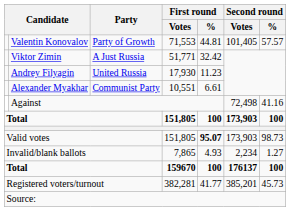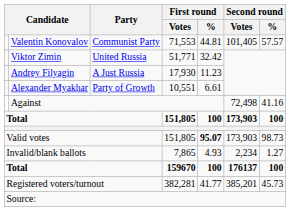 <table class=wikitable style=text-align:right>
 <tr>
 <th colspan=2 rowspan=2>Candidate</th>
 <th rowspan=2>Party</th>
 <th colspan=2>First round</th>
 <th colspan=2>Second round</th>
 </tr>
 <tr>
 <th>Votes</th>
 <th>%</th>
 <th>Votes</th>
 <th>%</th>
 </tr>
 <tr>
 <td style="background-color:"></td>
 <td align=left><a href='#'>Valentin Konovalov</a></td>
-<td align=left><a href='#'>Party of Growth</a></td>
+<td align=left><a href='#'>Communist Party</a></td>
 <td>71,553</td>
 <td>44.81</td>
 <td>101,405</td>
 <td>57.57</td>
 </tr>
 <tr>
 <td style="background-color:"></td>
 <td align=left><a href='#'>Viktor Zimin</a></td>
-<td align=left><a href='#'>A Just Russia</a></td>
+<td align=left><a href='#'>United Russia</a></td>
 <td>51,771</td>
 <td>32.42</td>
 <td rowspan=3 colspan=2></td>
 </tr>
 <tr>
 <td style="background-color:"></td>
 <td align=left><a href='#'>Andrey Filyagin</a></td>
-<td align=left><a href='#'>United Russia</a></td>
+<td align=left><a href='#'>A Just Russia</a></td>
 <td>17,930</td>
 <td>11.23</td>
 </tr>
 <tr>
 <td style="background-color:"></td>
 <td align=left><a href='#'>Alexander Myakhar</a></td>
-<td align=left><a href='#'>Communist Party</a></td>
+<td align=left><a href='#'>Party of Growth</a></td>
 <td>10,551</td>
 <td>6.61</td>
 </tr>
 <tr>
 <td bgcolor=#FFFFFF></td>
 <td align=left colspan=4>Against</td>
 <td>72,498</td>
 <td>41.16</td>
 </tr>
 <tr>
 <td align=left colspan=3><strong>Total</strong></td>
 <td><strong>151,805</strong></td>
 <td><strong>100</strong></td>
 <td><strong>173,903</strong></td>
 <td><strong>100</strong></td>
 </tr>
 <tr>
 <th colspan=7></th>
 </tr>
 <tr>
 <td align=left colspan=3>Valid votes</td>
 <td>151,805</td>
 <td><strong>95.07</strong></td>
 <td>173,903</td>
 <td>98.73</td>
 </tr>
 <tr>
 <td align=left colspan=3>Invalid/blank ballots</td>
 <td>7,865</td>
 <td>4.93</td>
 <td>2,234</td>
 <td>1.27</td>
 </tr>
 <tr>
 <td align=left colspan=3><strong>Total</strong></td>
 <td><strong>159670</strong></td>
 <td><strong>100</strong></td>
 <td><strong>176137</strong></td>
 <td><strong>100</strong></td>
 </tr>
 <tr>
 <td align=left colspan=3>Registered voters/turnout</td>
 <td>382,281</td>
 <td>41.77</td>
 <td>385,201</td>
 <td>45.73</td>
 </tr>
 <tr>
 <td align=left colspan=7>Source:  </td>
 </tr>
 </table>
